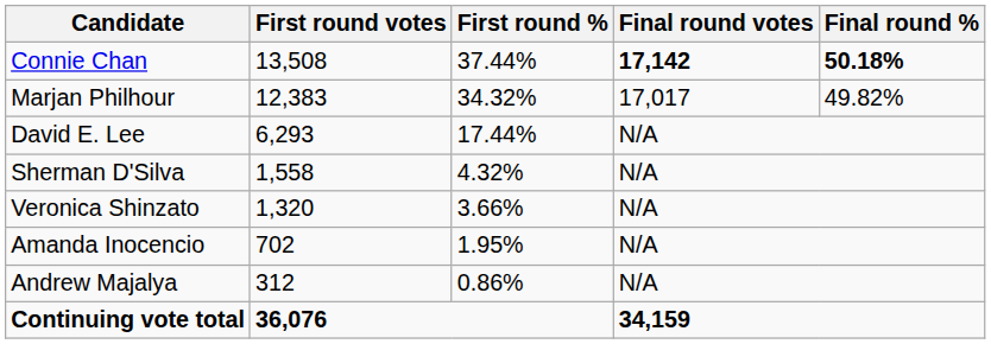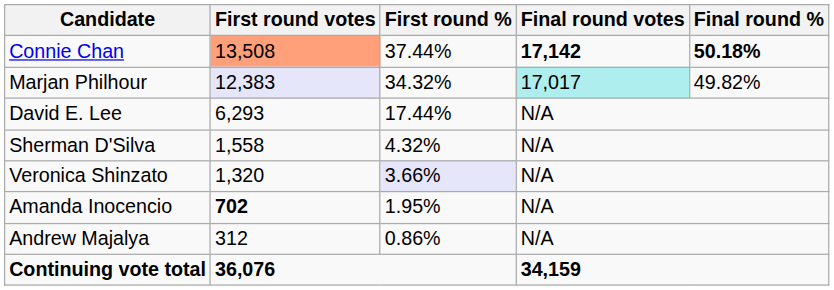 <table class="wikitable">
 <tr>
 <th>Candidate</th>
 <th>First round votes</th>
 <th>First round %</th>
 <th>Final round votes</th>
 <th>Final round %</th>
 </tr>
 <tr>
 <td><a href='#'>Connie Chan</a></td>
-<td>13,508</td>
+<td style="background: lightsalmon;">13,508</td>
 <td>37.44%</td>
 <td><strong>17,142</strong></td>
 <td><strong>50.18%</strong></td>
 </tr>
 <tr>
 <td>Marjan Philhour</td>
-<td>12,383</td>
+<td style="background: lavender;">12,383</td>
 <td>34.32%</td>
-<td>17,017</td>
+<td style="background: paleturquoise;">17,017</td>
 <td>49.82%</td>
 </tr>
 <tr>
 <td>David E. Lee</td>
 <td>6,293</td>
 <td>17.44%</td>
 <td colspan="2">N/A</td>
 </tr>
 <tr>
 <td>Sherman D'Silva</td>
 <td>1,558</td>
 <td>4.32%</td>
 <td colspan="2">N/A</td>
 </tr>
 <tr>
 <td>Veronica Shinzato</td>
 <td>1,320</td>
-<td>3.66%</td>
+<td style="background: lavender;">3.66%</td>
 <td colspan="2">N/A</td>
 </tr>
 <tr>
 <td>Amanda Inocencio</td>
-<td>702</td>
+<td><strong>702</strong></td>
 <td>1.95%</td>
 <td colspan="2">N/A</td>
 </tr>
 <tr>
 <td>Andrew Majalya</td>
 <td>312</td>
 <td>0.86%</td>
 <td colspan="2">N/A</td>
 </tr>
 <tr>
 <td><strong>Continuing vote total</strong></td>
 <td colspan="2"><strong>36,076</strong></td>
 <td colspan="2"><strong>34,159</strong></td>
 </tr>
 </table>
